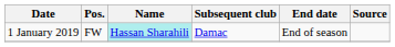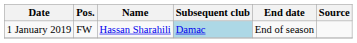 <table class="wikitable" style="text-align:left">
 <tr>
 <th>Date</th>
 <th>Pos.</th>
 <th>Name</th>
 <th>Subsequent club</th>
 <th>End date</th>
 <th>Source</th>
 </tr>
 <tr>
 <td>1 January 2019</td>
 <td>FW</td>
-<td style="background: paleturquoise;"> <a href='#'>Hassan Sharahili</a></td>
-<td> <a href='#'>Damac</a></td>
+<td> <a href='#'>Hassan Sharahili</a></td>
+<td style="background: lightblue;"> <a href='#'>Damac</a></td>
 <td>End of season</td>
 <td></td>
 </tr>
 <tr>
 </tr>
 </table>
